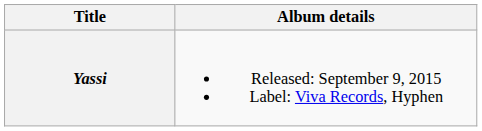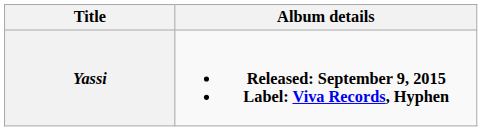 <table class="wikitable plainrowheaders" style="text-align:center;">
 <tr>
 <th scope="col" style="width:10em;">Title</th>
 <th scope="col" style="width:18em;">Album details</th>
 </tr>
 <tr>
 <th scope="row"><em>Yassi</em></th>
-<td><br><ul><li>Released: September 9, 2015</li><li>Label: <a href='#'>Viva Records</a>, Hyphen</li></ul></td>
+<td><strong><br><ul><li>Released: September 9, 2015</li><li>Label: <a href='#'>Viva Records</a>, Hyphen</li></ul></strong></td>
 </tr>
 </table>
